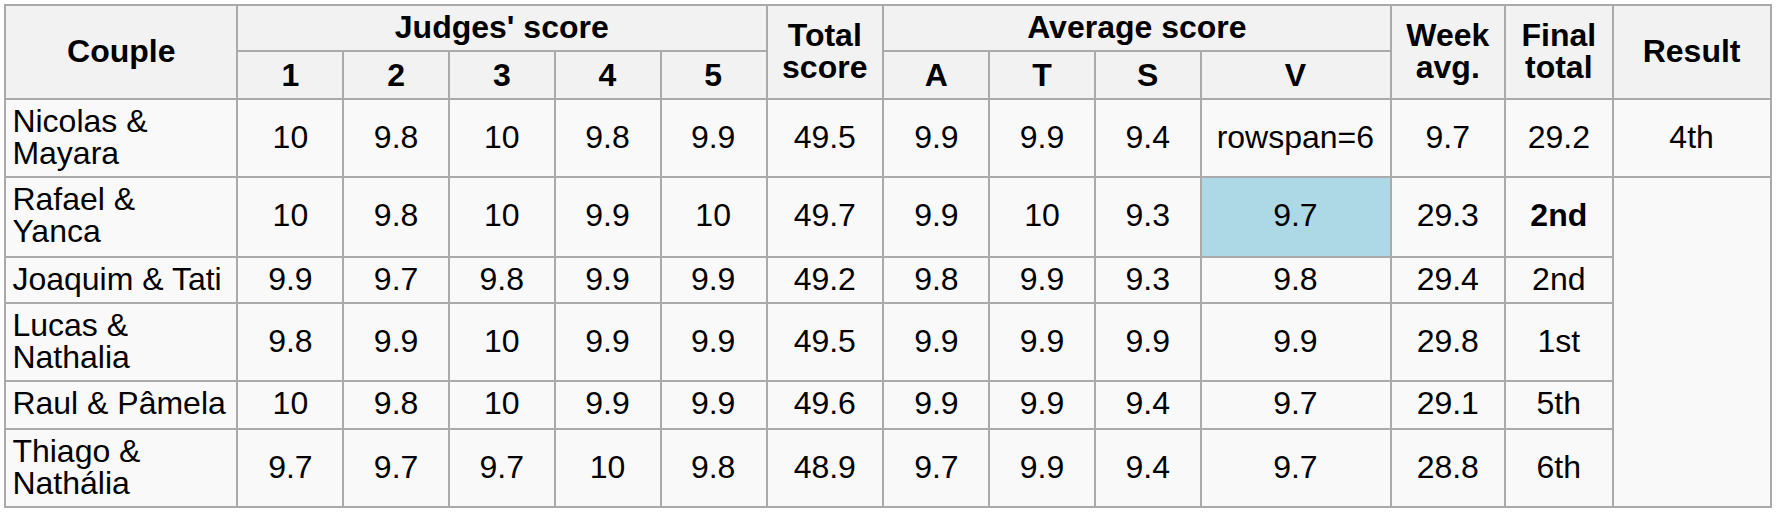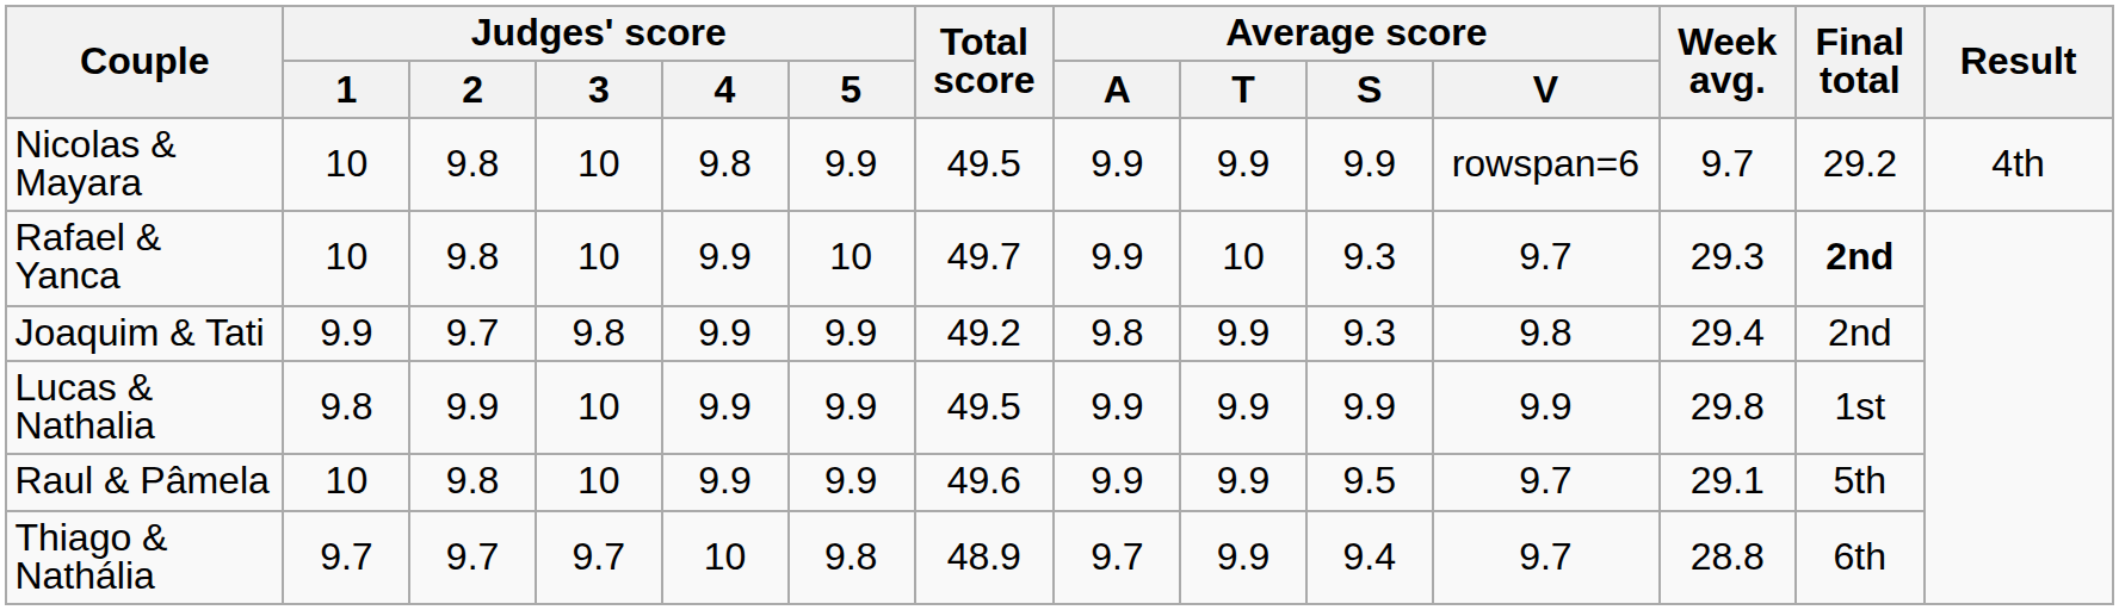 <table class="wikitable" style="font-size:100%; line-height:16px; text-align:center" width="100%">
 <tr>
 <th rowspan=2 style="width:11.0%;">Couple</th>
 <th colspan=5 style="width:25.0%;">Judges' score</th>
 <th rowspan=2 style="width:05.0%;">Total score</th>
 <th colspan=4 style="width:20.0%;">Average score</th>
 <th rowspan=2 style="width:05.0%;">Week avg.</th>
 <th rowspan=2 style="width:05.0%;">Final total</th>
 <th rowspan=2 style="width:07.5%;">Result</th>
 </tr>
 <tr>
 <th style="width:05.0%;">1</th>
 <th style="width:05.0%;">2</th>
 <th style="width:05.0%;">3</th>
 <th style="width:05.0%;">4</th>
 <th style="width:05.0%;">5</th>
 <th style="width:05.0%;">A</th>
 <th style="width:05.0%;">T</th>
 <th style="width:05.0%;">S</th>
 <th style="width:05.0%;">V</th>
 </tr>
 <tr>
 <td align="left">Nicolas & Mayara</td>
 <td>10</td>
 <td>9.8</td>
 <td>10</td>
 <td>9.8</td>
 <td>9.9</td>
 <td>49.5</td>
 <td>9.9</td>
 <td>9.9</td>
-<td>9.4</td>
+<td>9.9</td>
 <td>rowspan=6 </td>
 <td>9.7</td>
 <td>29.2</td>
 <td>4th</td>
 </tr>
 <tr>
 <td align="left">Rafael & Yanca</td>
 <td>10</td>
 <td>9.8</td>
 <td>10</td>
 <td>9.9</td>
 <td>10</td>
 <td>49.7</td>
 <td>9.9</td>
 <td>10</td>
 <td>9.3</td>
-<td style="background: lightblue;">9.7</td>
+<td>9.7</td>
 <td>29.3</td>
 <td><strong>2nd</strong></td>
 </tr>
 <tr>
 <td align="left">Joaquim & Tati</td>
 <td>9.9</td>
 <td>9.7</td>
 <td>9.8</td>
 <td>9.9</td>
 <td>9.9</td>
 <td>49.2</td>
 <td>9.8</td>
 <td>9.9</td>
 <td>9.3</td>
 <td>9.8</td>
 <td>29.4</td>
 <td>2nd</td>
 </tr>
 <tr>
 <td align="left">Lucas & Nathalia</td>
 <td>9.8</td>
 <td>9.9</td>
 <td>10</td>
 <td>9.9</td>
 <td>9.9</td>
 <td>49.5</td>
 <td>9.9</td>
 <td>9.9</td>
 <td>9.9</td>
 <td>9.9</td>
 <td>29.8</td>
 <td>1st</td>
 </tr>
 <tr>
 <td align="left">Raul & Pâmela</td>
 <td>10</td>
 <td>9.8</td>
 <td>10</td>
 <td>9.9</td>
 <td>9.9</td>
 <td>49.6</td>
 <td>9.9</td>
 <td>9.9</td>
-<td>9.4</td>
+<td>9.5</td>
 <td>9.7</td>
 <td>29.1</td>
 <td>5th</td>
 </tr>
 <tr>
 <td align="left">Thiago & Nathália</td>
 <td>9.7</td>
 <td>9.7</td>
 <td>9.7</td>
 <td>10</td>
 <td>9.8</td>
 <td>48.9</td>
 <td>9.7</td>
 <td>9.9</td>
 <td>9.4</td>
 <td>9.7</td>
 <td>28.8</td>
 <td>6th</td>
 </tr>
 <tr>
 </tr>
 </table>
